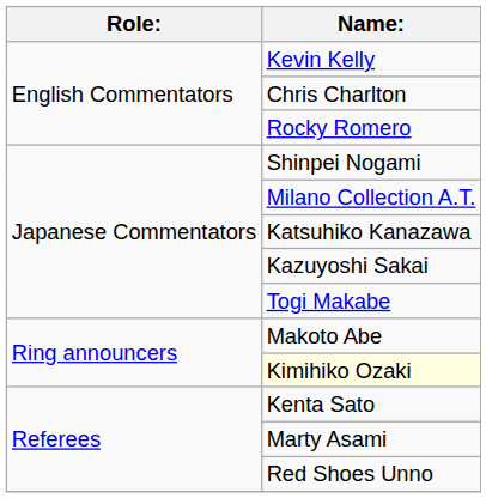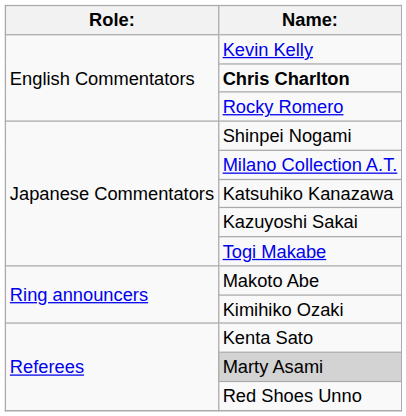 <table class=wikitable style="font-size:90%; margin: 0.5em 0 0.5em 1em; float: right; clear: right;">
 <tr>
 <th>Role:</th>
 <th>Name:</th>
 </tr>
 <tr>
 <td rowspan="3">English Commentators</td>
 <td><a href='#'>Kevin Kelly</a></td>
 </tr>
 <tr>
-<td>Chris Charlton</td>
+<td><strong>Chris Charlton</strong></td>
 </tr>
 <tr>
 <td><a href='#'>Rocky Romero</a></td>
 </tr>
 <tr>
 <td rowspan=5>Japanese Commentators</td>
 <td>Shinpei Nogami</td>
 </tr>
 <tr>
 <td><a href='#'>Milano Collection A.T.</a></td>
 </tr>
 <tr>
 <td>Katsuhiko Kanazawa</td>
 </tr>
 <tr>
 <td>Kazuyoshi Sakai</td>
 </tr>
 <tr>
 <td><a href='#'>Togi Makabe</a></td>
 </tr>
 <tr>
 <td rowspan=2><a href='#'>Ring announcers</a></td>
 <td>Makoto Abe</td>
 </tr>
 <tr>
-<td style="background: lightyellow;">Kimihiko Ozaki</td>
+<td>Kimihiko Ozaki</td>
 </tr>
 <tr>
 <td rowspan="3"><a href='#'>Referees</a></td>
 <td>Kenta Sato</td>
 </tr>
 <tr>
-<td>Marty Asami</td>
+<td style="background: lightgrey;">Marty Asami</td>
 </tr>
 <tr>
 <td>Red Shoes Unno</td>
 </tr>
 <tr>
 </tr>
 </table>
